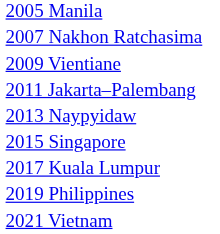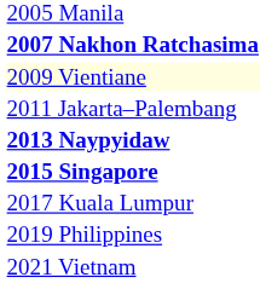 <table>
 <tr>
 <td><a href='#'>2005 Manila</a></td>
 <td></td>
 <td></td>
 <td></td>
 </tr>
 <tr>
-<td><a href='#'>2007 Nakhon Ratchasima</a></td>
+<td><strong><a href='#'>2007 Nakhon Ratchasima</a></strong></td>
 <td></td>
 <td></td>
 <td></td>
 </tr>
 <tr>
-<td><a href='#'>2009 Vientiane</a></td>
+<td style="background: lightyellow;"><a href='#'>2009 Vientiane</a></td>
 <td></td>
 <td></td>
 <td></td>
 </tr>
 <tr>
 <td><a href='#'>2011 Jakarta–Palembang</a></td>
 <td></td>
 <td></td>
 <td></td>
 </tr>
 <tr>
-<td><a href='#'>2013 Naypyidaw</a></td>
+<td><strong><a href='#'>2013 Naypyidaw</a></strong></td>
 <td></td>
 <td></td>
 <td></td>
 </tr>
 <tr>
-<td><a href='#'>2015 Singapore</a></td>
+<td><strong><a href='#'>2015 Singapore</a></strong></td>
 <td></td>
 <td></td>
 <td></td>
 </tr>
 <tr>
 <td><a href='#'>2017 Kuala Lumpur</a></td>
 <td></td>
 <td></td>
 <td></td>
 </tr>
 <tr>
 <td><a href='#'>2019 Philippines</a></td>
 <td></td>
 <td></td>
 <td></td>
 </tr>
 <tr>
 <td><a href='#'>2021 Vietnam</a></td>
 <td></td>
 <td></td>
 <td></td>
 </tr>
 </table>
